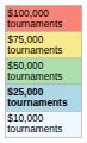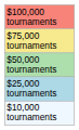 <table class="wikitable" style="font-size:85%;" width=12%>
 <tr bgcolor="#f88379">
 <td>$100,000 tournaments</td>
 </tr>
 <tr bgcolor="#f7e98e">
 <td>$75,000 tournaments</td>
 </tr>
 <tr bgcolor="#addfad">
 <td>$50,000 tournaments</td>
 </tr>
 <tr bgcolor="lightblue">
-<td><strong>$25,000 tournaments</strong></td>
+<td>$25,000 tournaments</td>
 </tr>
 <tr bgcolor="#f0f8ff">
 <td>$10,000 tournaments</td>
 </tr>
 </table>
